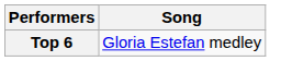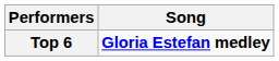 <table class="wikitable unsortable" style="text-align:center;">
 <tr>
 <th scope="col">Performers</th>
 <th scope="col">Song</th>
 </tr>
 <tr>
 <th scope="row">Top 6</th>
-<td><a href='#'>Gloria Estefan</a> medley</td>
+<td><strong><a href='#'>Gloria Estefan</a> medley</strong></td>
 </tr>
 </table>
